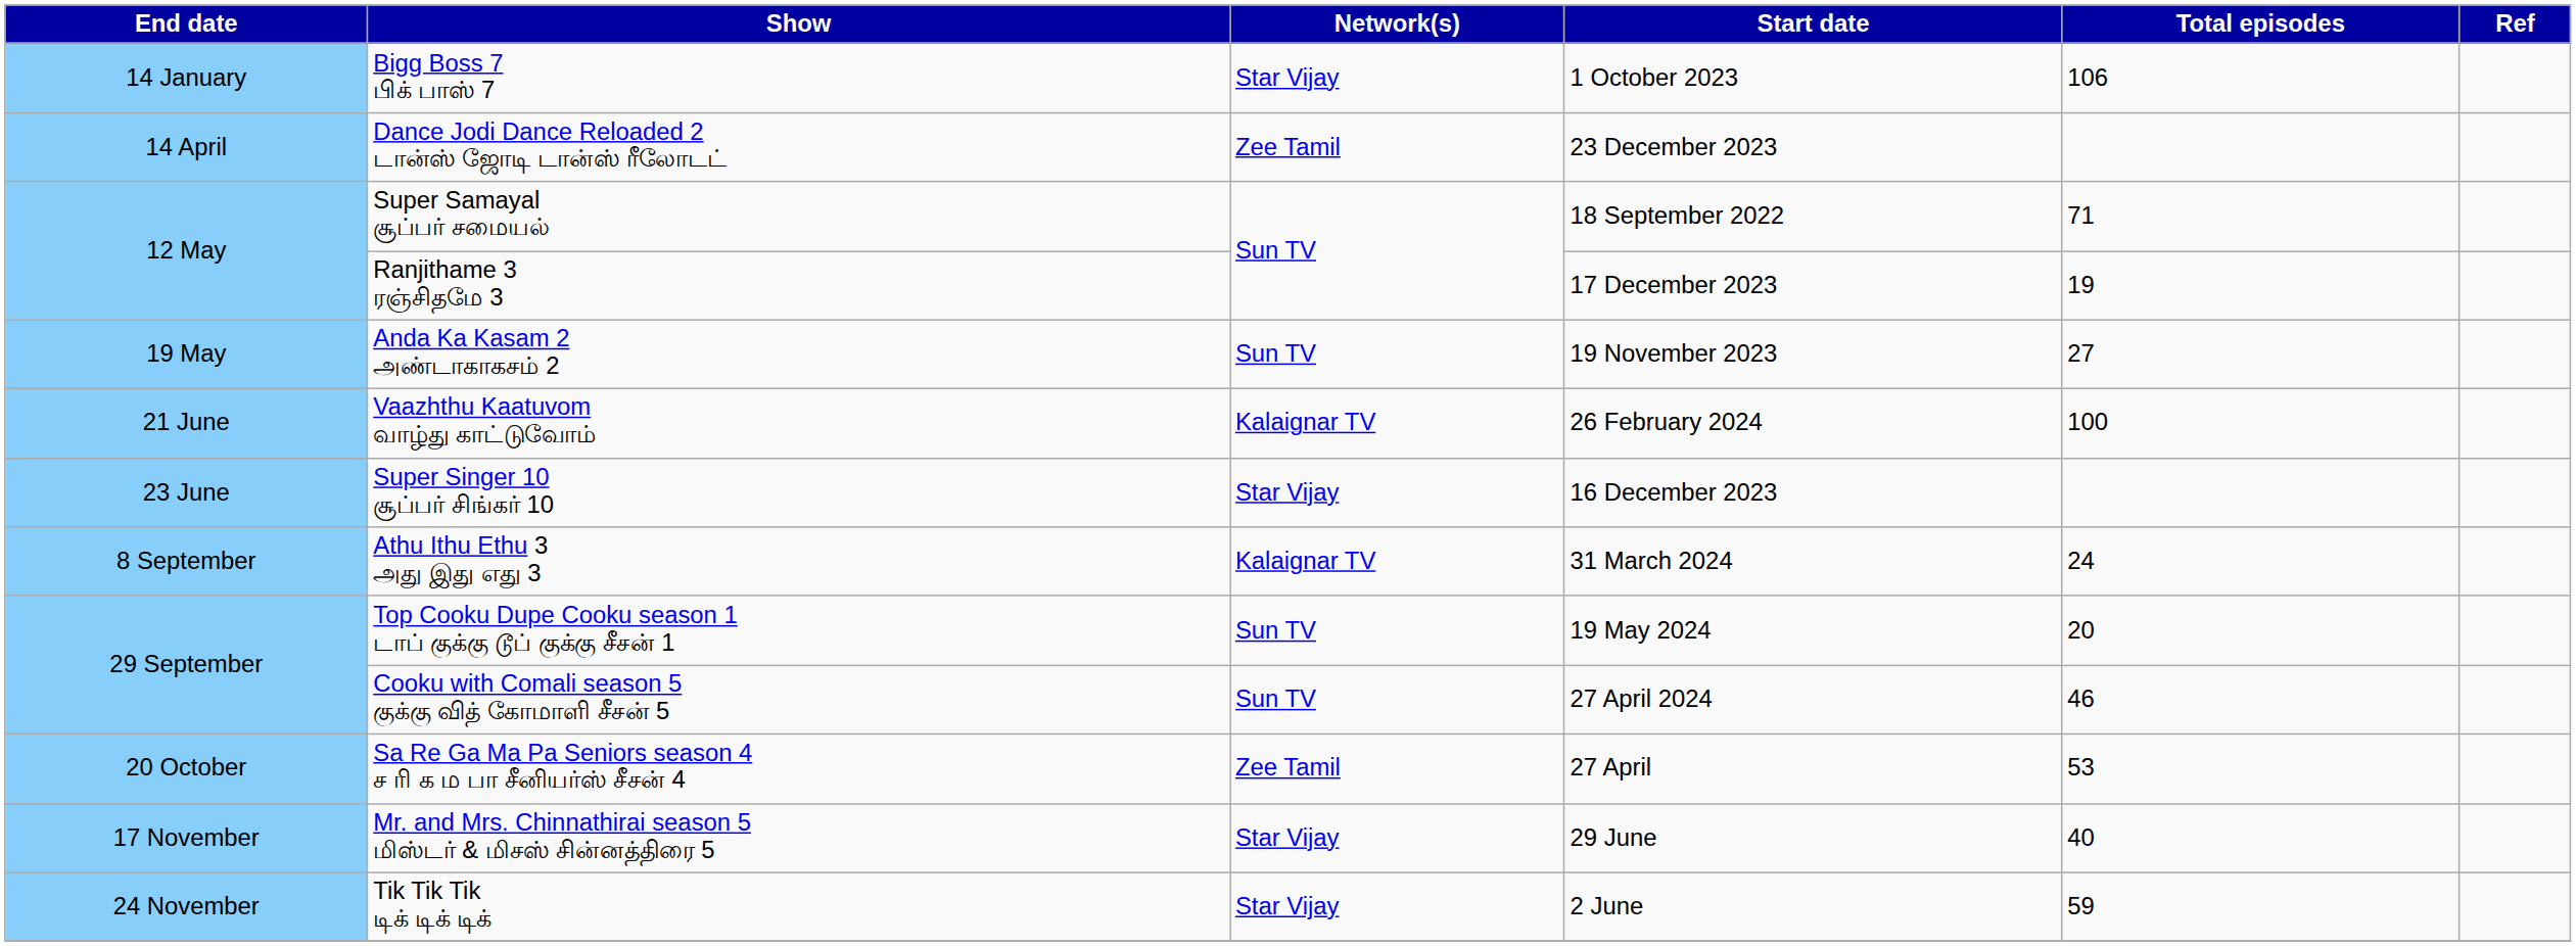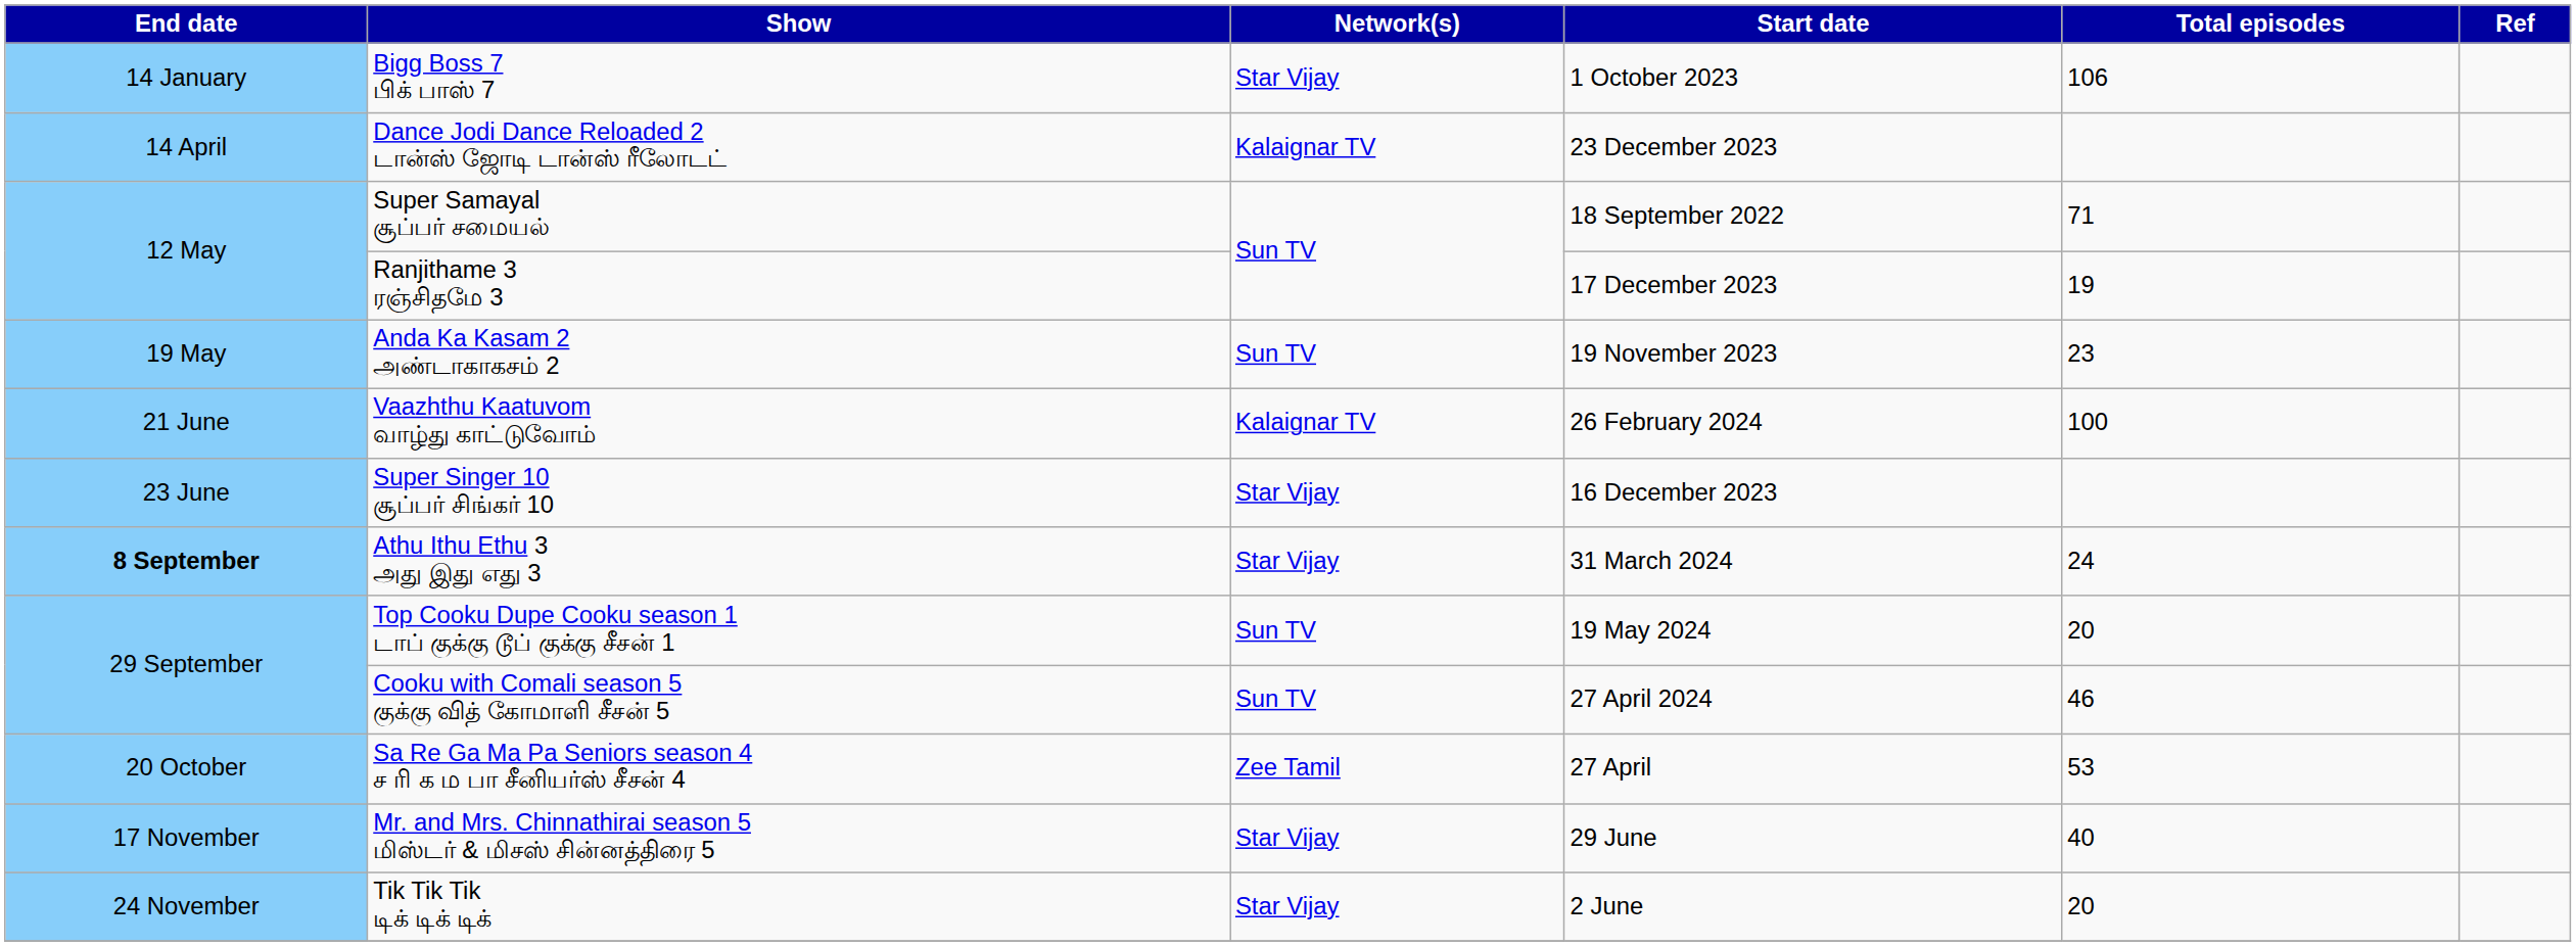 <table class="wikitable" width="85%">
 <tr>
 <th scope="col" style ="background: #0000A0 ;color:white">End date</th>
 <th scope="col" style ="background: #0000A0 ;color:white">Show</th>
 <th scope="col" style ="background: #0000A0 ;color:white">Network(s)</th>
 <th scope="col" style ="background: #0000A0 ;color:white">Start date</th>
 <th scope="col" style ="background: #0000A0 ;color:white">Total episodes</th>
 <th scope="col" style ="background: #0000A0 ;color:white">Ref</th>
 </tr>
 <tr>
 <td rowspan=1 style="text-align:center; background:#87CEFA; textcolor:#000;">14 January</td>
 <td><a href='#'>Bigg Boss 7</a> <br> பிக் பாஸ் 7</td>
 <td><a href='#'>Star Vijay</a></td>
 <td>1 October 2023</td>
 <td>106</td>
 <td></td>
 </tr>
 <tr>
 <td rowspan=1 style="text-align:center; background:#87CEFA; textcolor:#000;">14 April</td>
 <td><a href='#'>Dance Jodi Dance Reloaded 2</a> <br> டான்ஸ் ஜோடி டான்ஸ் ரீலோடட்</td>
-<td><a href='#'>Zee Tamil</a></td>
+<td><a href='#'>Kalaignar TV</a></td>
 <td>23 December 2023</td>
 <td></td>
 <td></td>
 </tr>
 <tr>
 <td rowspan=2 style="text-align:center; background:#87CEFA; textcolor:#000;">12 May</td>
 <td>Super Samayal <br> சூப்பர் சமையல்</td>
 <td rowspan=2><a href='#'>Sun TV</a></td>
 <td>18 September 2022</td>
 <td>71</td>
 <td></td>
 </tr>
 <tr>
 <td>Ranjithame 3 <br> ரஞ்சிதமே 3</td>
 <td>17 December 2023</td>
 <td>19</td>
 <td></td>
 </tr>
 <tr>
 <td rowspan=1 style="text-align:center; background:#87CEFA; textcolor:#000;">19 May</td>
 <td><a href='#'>Anda Ka Kasam 2</a> <br> அண்டாகாகசம் 2</td>
 <td><a href='#'>Sun TV</a></td>
 <td>19 November 2023</td>
-<td>27</td>
+<td>23</td>
 <td></td>
 </tr>
 <tr>
 <td rowspan=1 style="text-align:center; background:#87CEFA; textcolor:#000;">21 June</td>
 <td><a href='#'>Vaazhthu Kaatuvom</a> <br> வாழ்து காட்டுவோம்</td>
 <td><a href='#'>Kalaignar TV</a></td>
 <td>26 February 2024</td>
 <td>100</td>
 <td></td>
 </tr>
 <tr>
 <td rowspan=1 style="text-align:center; background:#87CEFA; textcolor:#000;">23 June</td>
 <td><a href='#'>Super Singer 10</a> <br> சூப்பர் சிங்கர் 10</td>
 <td><a href='#'>Star Vijay</a></td>
 <td>16 December 2023</td>
 <td></td>
 <td></td>
 </tr>
 <tr>
-<td rowspan=1 style="text-align:center; background:#87CEFA; textcolor:#000;">8 September</td>
+<td rowspan=1 style="text-align:center; background:#87CEFA; textcolor:#000;"><strong>8 September</strong></td>
 <td><a href='#'>Athu Ithu Ethu</a> 3 <br> அது இது எது 3</td>
-<td><a href='#'>Kalaignar TV</a></td>
+<td><a href='#'>Star Vijay</a></td>
 <td>31 March 2024</td>
 <td>24</td>
 <td></td>
 </tr>
 <tr>
 <td rowspan=2 style="text-align:center; background:#87CEFA; textcolor:#000;">29 September</td>
 <td><a href='#'>Top Cooku Dupe Cooku season 1</a> <br> டாப் குக்கு டூப் குக்கு சீசன் 1</td>
 <td><a href='#'>Sun TV</a></td>
 <td>19 May 2024</td>
 <td>20</td>
 <td></td>
 </tr>
 <tr>
 <td><a href='#'>Cooku with Comali season 5</a> <br> குக்கு வித் கோமாளி சீசன் 5</td>
 <td><a href='#'>Sun TV</a></td>
 <td>27 April 2024</td>
 <td>46</td>
 <td></td>
 </tr>
 <tr>
 <td rowspan=1 style="text-align:center; background:#87CEFA; textcolor:#000;">20 October</td>
 <td><a href='#'>Sa Re Ga Ma Pa Seniors season 4</a> <br> ச ரி க ம பா சீனியர்ஸ் சீசன் 4</td>
 <td><a href='#'>Zee Tamil</a></td>
 <td>27 April</td>
 <td>53</td>
 <td></td>
 </tr>
 <tr>
 <td rowspan=1 style="text-align:center; background:#87CEFA; textcolor:#000;">17 November</td>
 <td><a href='#'>Mr. and Mrs. Chinnathirai season 5</a> <br> மிஸ்டர் & மிசஸ் சின்னத்திரை 5</td>
 <td><a href='#'>Star Vijay</a></td>
 <td>29 June</td>
 <td>40</td>
 <td></td>
 </tr>
 <tr>
 <td rowspan=1 style="text-align:center; background:#87CEFA; textcolor:#000;">24 November</td>
 <td>Tik Tik Tik <br> டிக் டிக் டிக்</td>
 <td><a href='#'>Star Vijay</a></td>
 <td>2 June</td>
-<td>59</td>
+<td>20</td>
 <td></td>
 </tr>
 <tr>
 </tr>
 </table>
